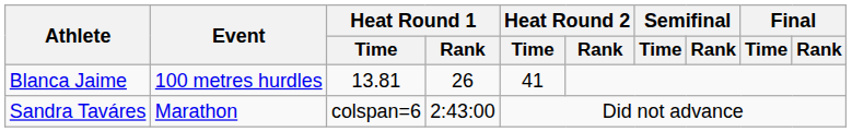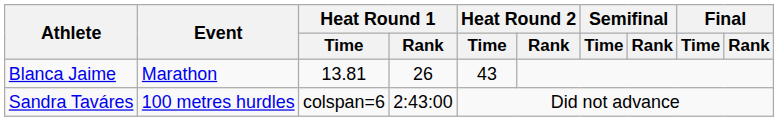 <table class=wikitable style="font-size:90%; text-align:center">
 <tr>
 <th rowspan=2>Athlete</th>
 <th rowspan=2>Event</th>
 <th colspan=2>Heat Round 1</th>
 <th colspan=2>Heat Round 2</th>
 <th colspan=2>Semifinal</th>
 <th colspan=2>Final</th>
 </tr>
 <tr style=font-size:95%>
 <th>Time</th>
 <th>Rank</th>
 <th>Time</th>
 <th>Rank</th>
 <th>Time</th>
 <th>Rank</th>
 <th>Time</th>
 <th>Rank</th>
 </tr>
 <tr align=center>
 <td align=left><a href='#'>Blanca Jaime</a></td>
-<td align=left><a href='#'>100 metres hurdles</a></td>
+<td align=left><a href='#'>Marathon</a></td>
 <td>13.81</td>
 <td>26</td>
-<td>41</td>
+<td>43</td>
 </tr>
 <tr align=center>
 <td align=left><a href='#'>Sandra Taváres</a></td>
-<td align=left><a href='#'>Marathon</a></td>
+<td align=left><a href='#'>100 metres hurdles</a></td>
 <td>colspan=6</td>
 <td>2:43:00</td>
 <td colspan=6>Did not advance</td>
 </tr>
 </table>
